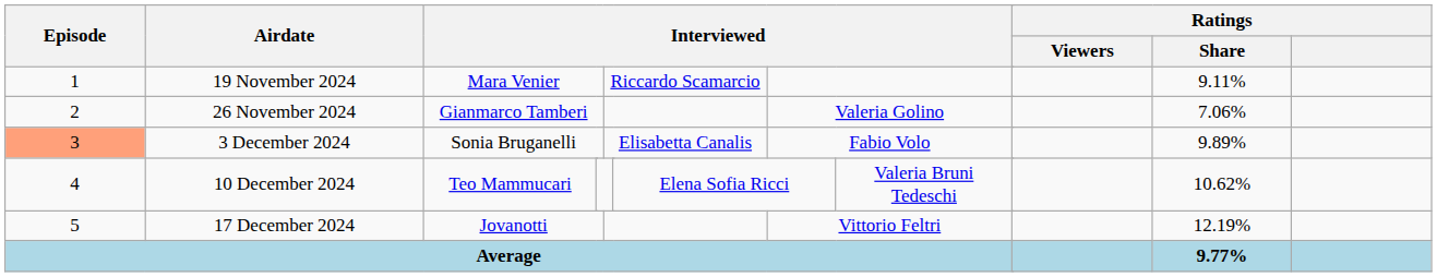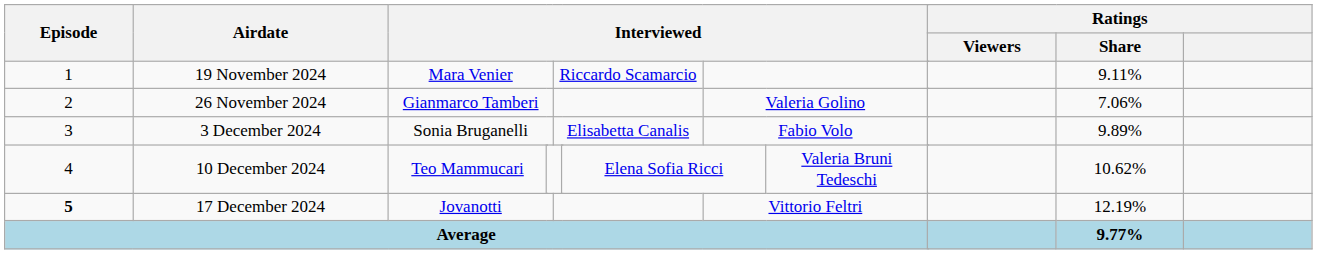 <table class="wikitable" style="font-size:90%; width:70%; text-align:center">
 <tr>
 <th rowspan="2" style="width:5%;">Episode</th>
 <th rowspan="2" style="width:10%;">Airdate</th>
 <th rowspan="2" colspan="12" style="width:20%;">Interviewed</th>
 <th colspan="3">Ratings</th>
 </tr>
 <tr>
 <th style="width:5%;">Viewers</th>
 <th style="width:5%;">Share</th>
 <th style="width:5%;"></th>
 </tr>
 <tr>
 <td>1</td>
 <td>19 November 2024</td>
 <td colspan="4"><a href='#'>Mara Venier</a></td>
 <td colspan="4"><a href='#'>Riccardo Scamarcio</a></td>
 <td colspan="4"></td>
 <td></td>
 <td>9.11%</td>
 <td></td>
 </tr>
 <tr>
 <td>2</td>
 <td>26 November 2024</td>
 <td colspan="4"><a href='#'>Gianmarco Tamberi</a></td>
 <td colspan="4"></td>
 <td colspan="4"><a href='#'>Valeria Golino</a></td>
 <td></td>
 <td>7.06%</td>
 <td></td>
 </tr>
 <tr>
-<td style="background: lightsalmon;">3</td>
+<td>3</td>
 <td>3 December 2024</td>
 <td colspan="4">Sonia Bruganelli</td>
 <td colspan="4"><a href='#'>Elisabetta Canalis</a></td>
 <td colspan="4"><a href='#'>Fabio Volo</a></td>
 <td></td>
 <td>9.89%</td>
 <td></td>
 </tr>
 <tr>
 <td>4</td>
 <td>10 December 2024</td>
 <td colspan="3"><a href='#'>Teo Mammucari</a></td>
 <td colspan="3"></td>
 <td colspan="3"><a href='#'>Elena Sofia Ricci</a></td>
 <td colspan="3"><a href='#'>Valeria Bruni Tedeschi</a></td>
 <td></td>
 <td>10.62%</td>
 <td></td>
 </tr>
 <tr>
-<td>5</td>
+<td><strong>5</strong></td>
 <td>17 December 2024</td>
 <td colspan="4"><a href='#'>Jovanotti</a></td>
 <td colspan="4"></td>
 <td colspan="4"><a href='#'>Vittorio Feltri</a></td>
 <td></td>
 <td>12.19%</td>
 <td></td>
 </tr>
 <tr>
 <td colspan="14" style="background:lightblue"><strong>Average</strong></td>
 <td style="background:lightblue"><strong></strong></td>
 <td style="background:lightblue"><strong>9.77%</strong></td>
 <td style="background:lightblue"></td>
 </tr>
 </table>
